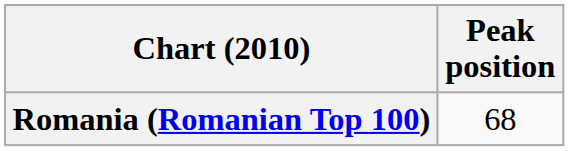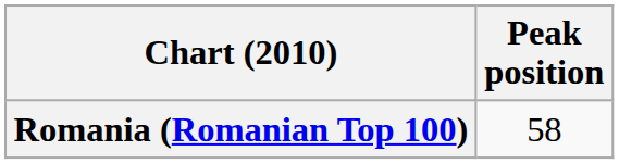 <table class="wikitable unsortable plainrowheaders">
 <tr>
 <th>Chart (2010)</th>
 <th>Peak<br>position</th>
 </tr>
 <tr>
 <th scope="row">Romania (<a href='#'>Romanian Top 100</a>)</th>
-<td align=center>68</td>
+<td align=center>58</td>
 </tr>
 </table>
